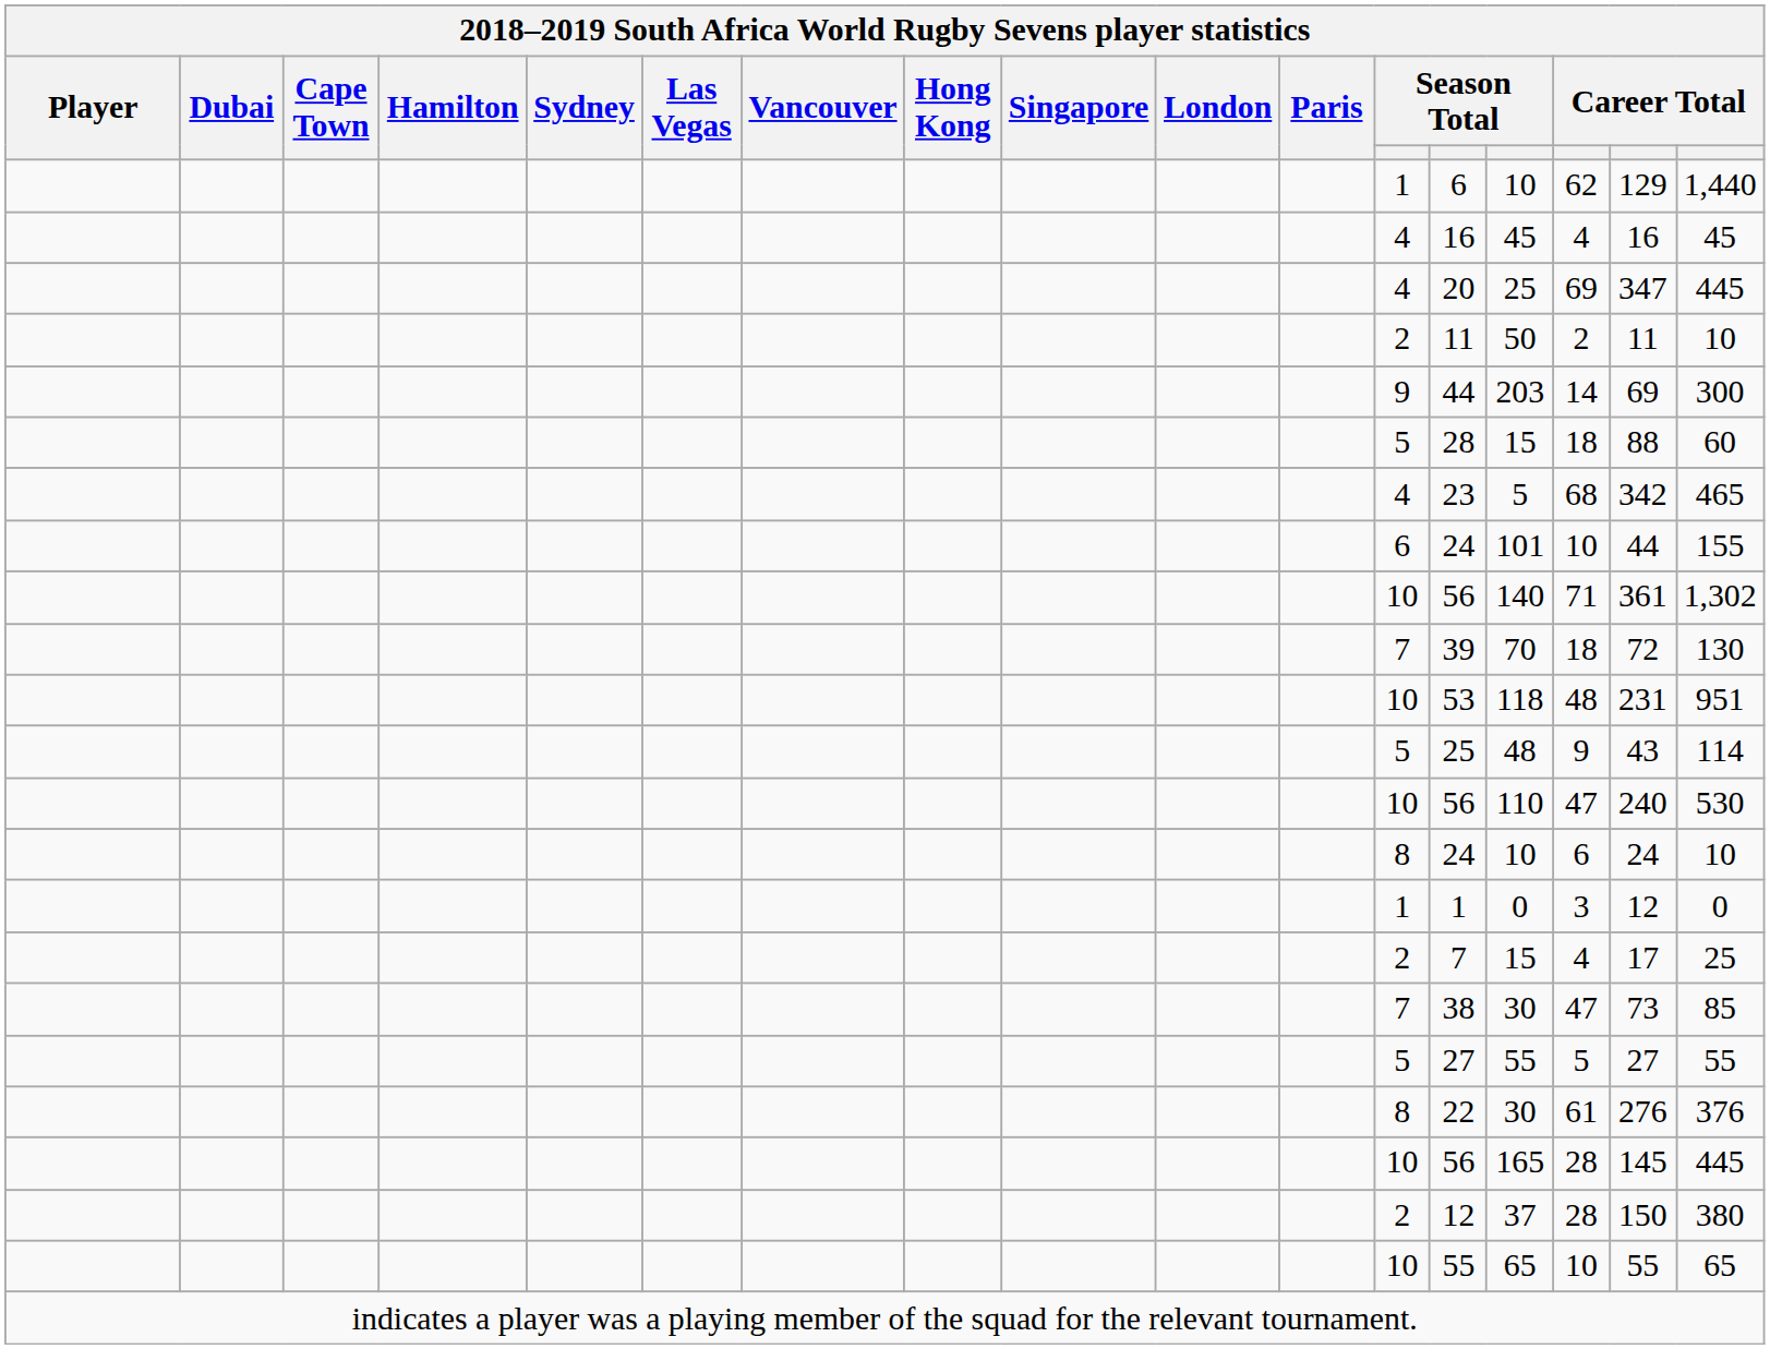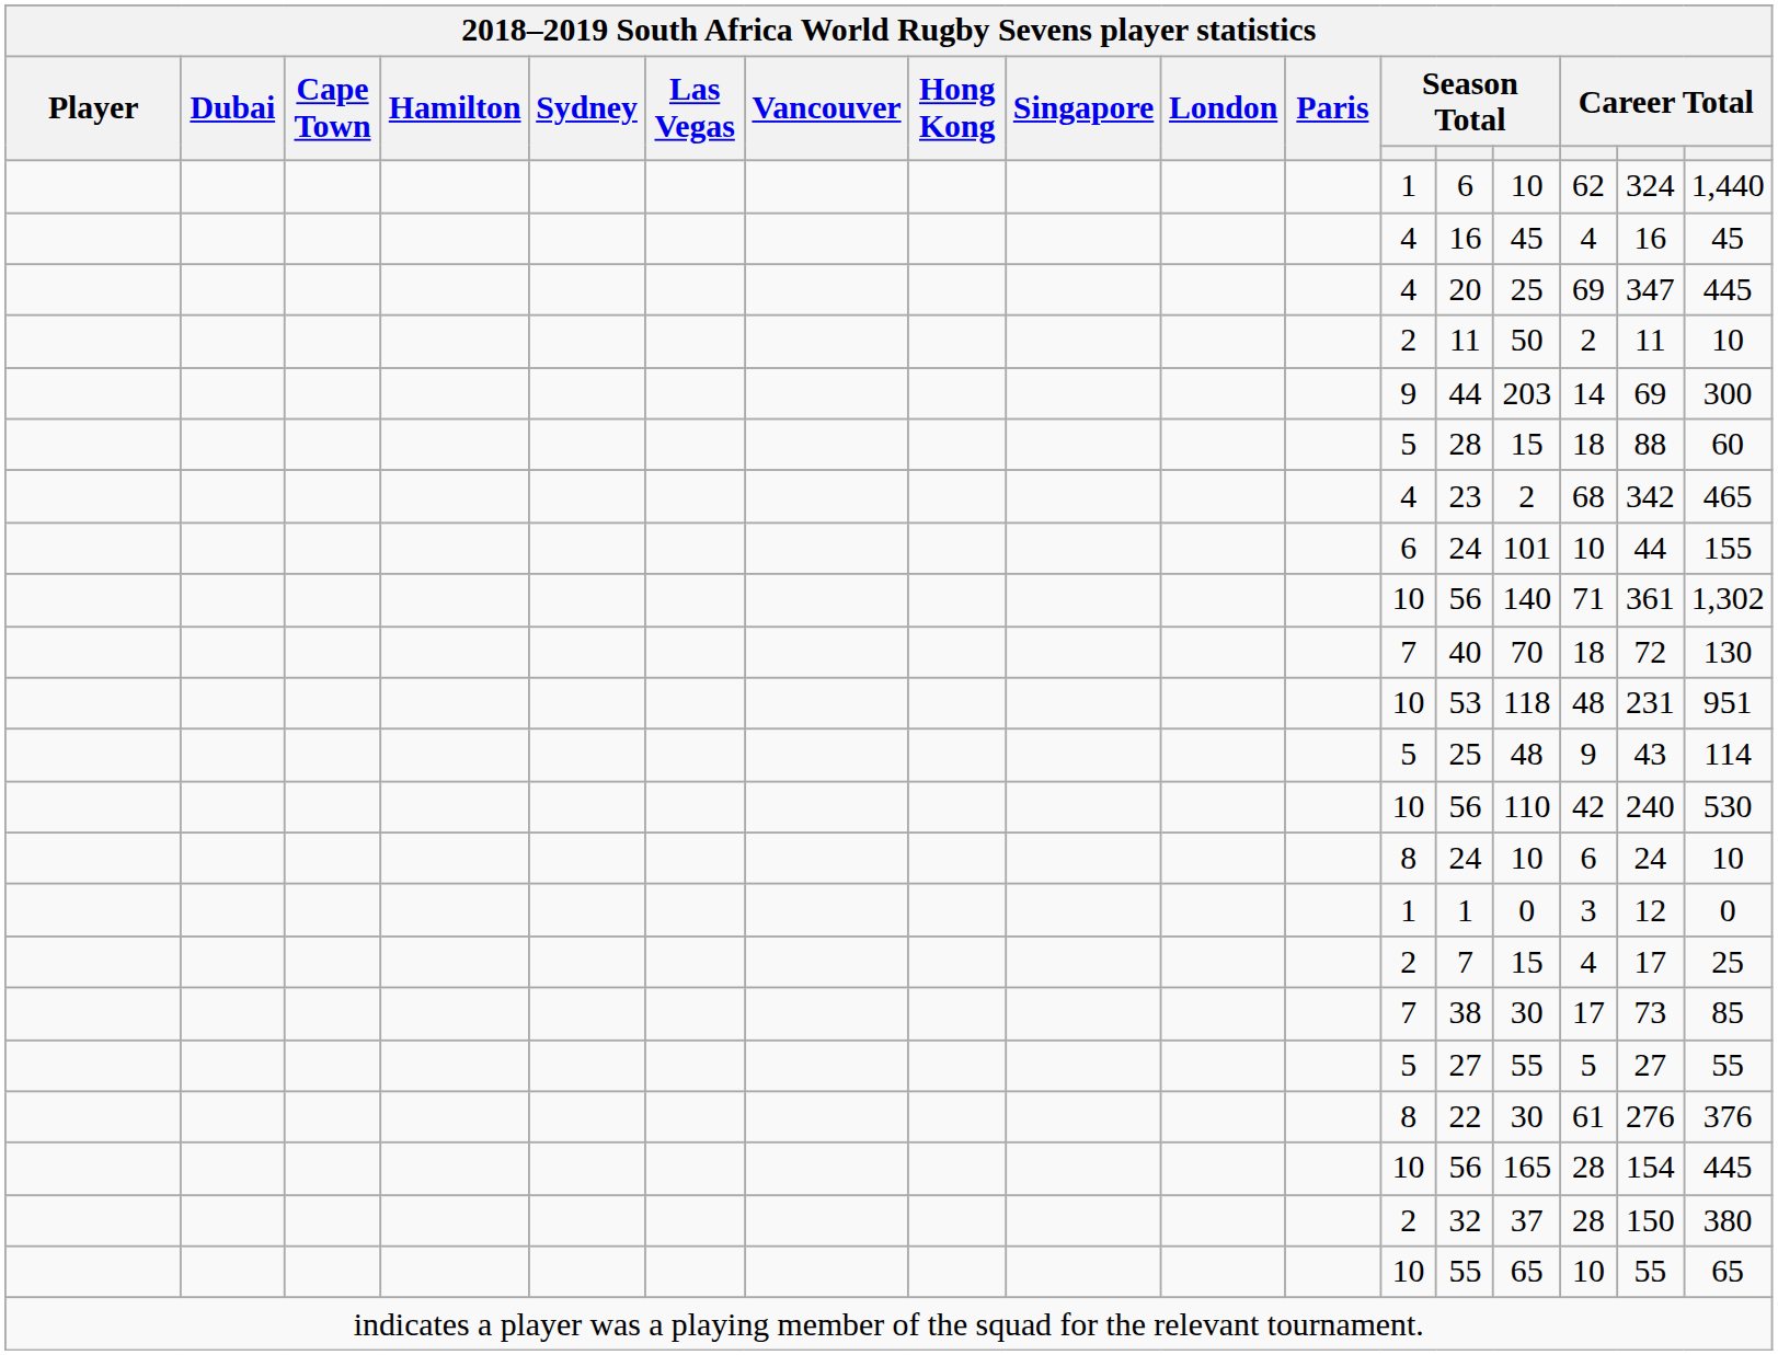 <table class="wikitable sortable" style="text-align:center;">
 <tr>
 <th colspan=100%>2018–2019 South Africa World Rugby Sevens player statistics</th>
 </tr>
 <tr>
 <th rowspan=2 style="width:16%;">Player</th>
 <th rowspan=2 style="width:6%;"><a href='#'>Dubai</a></th>
 <th rowspan=2 style="width:6%;"><a href='#'>Cape Town</a></th>
 <th rowspan=2 style="width:6%;"><a href='#'>Hamilton</a></th>
 <th rowspan=2 style="width:6%;"><a href='#'>Sydney</a></th>
 <th rowspan=2 style="width:6%;"><a href='#'>Las Vegas</a></th>
 <th rowspan=2 style="width:6%;"><a href='#'>Vancouver</a></th>
 <th rowspan=2 style="width:6%;"><a href='#'>Hong Kong</a></th>
 <th rowspan=2 style="width:6%;"><a href='#'>Singapore</a></th>
 <th rowspan=2 style="width:6%;"><a href='#'>London</a></th>
 <th rowspan=2 style="width:6%;"><a href='#'>Paris</a></th>
 <th colspan=3>Season Total</th>
 <th colspan=3>Career Total</th>
 </tr>
 <tr>
 <th style="width:4%;"></th>
 <th style="width:4%;"></th>
 <th style="width:4%;"></th>
 <th style="width:4%;"></th>
 <th style="width:4%;"></th>
 <th style="width:4%;"></th>
 </tr>
 <tr>
 <td style="text-align:left;"></td>
 <td></td>
 <td></td>
 <td></td>
 <td></td>
 <td></td>
 <td></td>
 <td></td>
 <td></td>
 <td></td>
 <td></td>
 <td>1</td>
 <td>6</td>
 <td>10</td>
 <td>62</td>
-<td>129</td>
+<td>324</td>
 <td>1,440</td>
 </tr>
 <tr>
 <td style="text-align:left;"></td>
 <td></td>
 <td></td>
 <td></td>
 <td></td>
 <td></td>
 <td></td>
 <td></td>
 <td></td>
 <td></td>
 <td></td>
 <td>4</td>
 <td>16</td>
 <td>45</td>
 <td>4</td>
 <td>16</td>
 <td>45</td>
 </tr>
 <tr>
 <td style="text-align:left;"></td>
 <td></td>
 <td></td>
 <td></td>
 <td></td>
 <td></td>
 <td></td>
 <td></td>
 <td></td>
 <td></td>
 <td></td>
 <td>4</td>
 <td>20</td>
 <td>25</td>
 <td>69</td>
 <td>347</td>
 <td>445</td>
 </tr>
 <tr>
 <td style="text-align:left;"></td>
 <td></td>
 <td></td>
 <td></td>
 <td></td>
 <td></td>
 <td></td>
 <td></td>
 <td></td>
 <td></td>
 <td></td>
 <td>2</td>
 <td>11</td>
 <td>50</td>
 <td>2</td>
 <td>11</td>
 <td>10</td>
 </tr>
 <tr>
 <td style="text-align:left;"></td>
 <td></td>
 <td></td>
 <td></td>
 <td></td>
 <td></td>
 <td></td>
 <td></td>
 <td></td>
 <td></td>
 <td></td>
 <td>9</td>
 <td>44</td>
 <td>203</td>
 <td>14</td>
 <td>69</td>
 <td>300</td>
 </tr>
 <tr>
 <td style="text-align:left;"></td>
 <td></td>
 <td></td>
 <td></td>
 <td></td>
 <td></td>
 <td></td>
 <td></td>
 <td></td>
 <td></td>
 <td></td>
 <td>5</td>
 <td>28</td>
 <td>15</td>
 <td>18</td>
 <td>88</td>
 <td>60</td>
 </tr>
 <tr>
 <td style="text-align:left;"></td>
 <td></td>
 <td></td>
 <td></td>
 <td></td>
 <td></td>
 <td></td>
 <td></td>
 <td></td>
 <td></td>
 <td></td>
 <td>4</td>
 <td>23</td>
-<td>5</td>
+<td>2</td>
 <td>68</td>
 <td>342</td>
 <td>465</td>
 </tr>
 <tr>
 <td style="text-align:left;"></td>
 <td></td>
 <td></td>
 <td></td>
 <td></td>
 <td></td>
 <td></td>
 <td></td>
 <td></td>
 <td></td>
 <td></td>
 <td>6</td>
 <td>24</td>
 <td>101</td>
 <td>10</td>
 <td>44</td>
 <td>155</td>
 </tr>
 <tr>
 <td style="text-align:left;"></td>
 <td></td>
 <td></td>
 <td></td>
 <td></td>
 <td></td>
 <td></td>
 <td></td>
 <td></td>
 <td></td>
 <td></td>
 <td>10</td>
 <td>56</td>
 <td>140</td>
 <td>71</td>
 <td>361</td>
 <td>1,302</td>
 </tr>
 <tr>
 <td style="text-align:left;"></td>
 <td></td>
 <td></td>
 <td></td>
 <td></td>
 <td></td>
 <td></td>
 <td></td>
 <td></td>
 <td></td>
 <td></td>
 <td>7</td>
-<td>39</td>
+<td>40</td>
 <td>70</td>
 <td>18</td>
 <td>72</td>
 <td>130</td>
 </tr>
 <tr>
 <td style="text-align:left;"></td>
 <td></td>
 <td></td>
 <td></td>
 <td></td>
 <td></td>
 <td></td>
 <td></td>
 <td></td>
 <td></td>
 <td></td>
 <td>10</td>
 <td>53</td>
 <td>118</td>
 <td>48</td>
 <td>231</td>
 <td>951</td>
 </tr>
 <tr>
 <td style="text-align:left;"></td>
 <td></td>
 <td></td>
 <td></td>
 <td></td>
 <td></td>
 <td></td>
 <td></td>
 <td></td>
 <td></td>
 <td></td>
 <td>5</td>
 <td>25</td>
 <td>48</td>
 <td>9</td>
 <td>43</td>
 <td>114</td>
 </tr>
 <tr>
 <td style="text-align:left;"></td>
 <td></td>
 <td></td>
 <td></td>
 <td></td>
 <td></td>
 <td></td>
 <td></td>
 <td></td>
 <td></td>
 <td></td>
 <td>10</td>
 <td>56</td>
 <td>110</td>
-<td>47</td>
+<td>42</td>
 <td>240</td>
 <td>530</td>
 </tr>
 <tr>
 <td style="text-align:left;"></td>
 <td></td>
 <td></td>
 <td></td>
 <td></td>
 <td></td>
 <td></td>
 <td></td>
 <td></td>
 <td></td>
 <td></td>
 <td>8</td>
 <td>24</td>
 <td>10</td>
 <td>6</td>
 <td>24</td>
 <td>10</td>
 </tr>
 <tr>
 <td style="text-align:left;"></td>
 <td></td>
 <td></td>
 <td></td>
 <td></td>
 <td></td>
 <td></td>
 <td></td>
 <td></td>
 <td></td>
 <td></td>
 <td>1</td>
 <td>1</td>
 <td>0</td>
 <td>3</td>
 <td>12</td>
 <td>0</td>
 </tr>
 <tr>
 <td style="text-align:left;"></td>
 <td></td>
 <td></td>
 <td></td>
 <td></td>
 <td></td>
 <td></td>
 <td></td>
 <td></td>
 <td></td>
 <td></td>
 <td>2</td>
 <td>7</td>
 <td>15</td>
 <td>4</td>
 <td>17</td>
 <td>25</td>
 </tr>
 <tr>
 <td style="text-align:left;"></td>
 <td></td>
 <td></td>
 <td></td>
 <td></td>
 <td></td>
 <td></td>
 <td></td>
 <td></td>
 <td></td>
 <td></td>
 <td>7</td>
 <td>38</td>
 <td>30</td>
-<td>47</td>
+<td>17</td>
 <td>73</td>
 <td>85</td>
 </tr>
 <tr>
 <td style="text-align:left;"></td>
 <td></td>
 <td></td>
 <td></td>
 <td></td>
 <td></td>
 <td></td>
 <td></td>
 <td></td>
 <td></td>
 <td></td>
 <td>5</td>
 <td>27</td>
 <td>55</td>
 <td>5</td>
 <td>27</td>
 <td>55</td>
 </tr>
 <tr>
 <td style="text-align:left;"></td>
 <td></td>
 <td></td>
 <td></td>
 <td></td>
 <td></td>
 <td></td>
 <td></td>
 <td></td>
 <td></td>
 <td></td>
 <td>8</td>
 <td>22</td>
 <td>30</td>
 <td>61</td>
 <td>276</td>
 <td>376</td>
 </tr>
 <tr>
 <td style="text-align:left;"></td>
 <td></td>
 <td></td>
 <td></td>
 <td></td>
 <td></td>
 <td></td>
 <td></td>
 <td></td>
 <td></td>
 <td></td>
 <td>10</td>
 <td>56</td>
 <td>165</td>
 <td>28</td>
-<td>145</td>
+<td>154</td>
 <td>445</td>
 </tr>
 <tr>
 <td style="text-align:left;"></td>
 <td></td>
 <td></td>
 <td></td>
 <td></td>
 <td></td>
 <td></td>
 <td></td>
 <td></td>
 <td></td>
 <td></td>
 <td>2</td>
-<td>12</td>
+<td>32</td>
 <td>37</td>
 <td>28</td>
 <td>150</td>
 <td>380</td>
 </tr>
 <tr>
 <td style="text-align:left;"></td>
 <td></td>
 <td></td>
 <td></td>
 <td></td>
 <td></td>
 <td></td>
 <td></td>
 <td></td>
 <td></td>
 <td></td>
 <td>10</td>
 <td>55</td>
 <td>65</td>
 <td>10</td>
 <td>55</td>
 <td>65</td>
 </tr>
 <tr class="sortbottom">
 <td colspan=100% style="text-align:center;"><span></span> indicates a player was a playing member of the squad for the relevant tournament.</td>
 </tr>
 </table>
